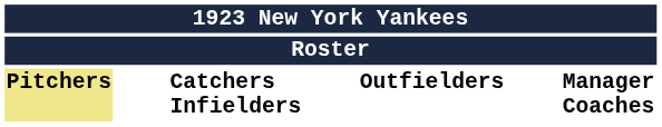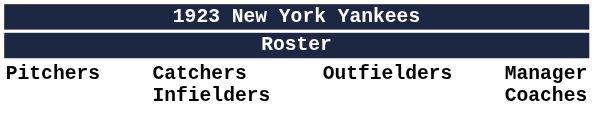 <table class="toccolours" style="font-size: 95%;">
 <tr>
 <th colspan="10" style="background-color: #1c2841; color: white; text-align: center;">1923 New York Yankees</th>
 </tr>
 <tr>
 <td colspan="10" style="background-color: #1c2841; color: white; text-align: center;"><strong>Roster</strong></td>
 </tr>
 <tr>
-<td valign="top" style="background: khaki;"><strong>Pitchers</strong><br>       </td>
+<td valign="top"><strong>Pitchers</strong><br>       </td>
 <td width="25px"></td>
 <td valign="top"><strong>Catchers</strong><br>   <strong>Infielders</strong>        </td>
 <td width="25px"></td>
 <td valign="top"><strong>Outfielders</strong><br>     </td>
 <td width="25px"></td>
 <td valign="top"><strong>Manager</strong><br> <strong>Coaches</strong> </td>
 </tr>
 </table>
